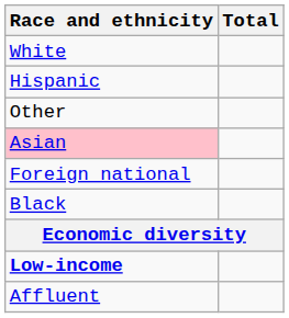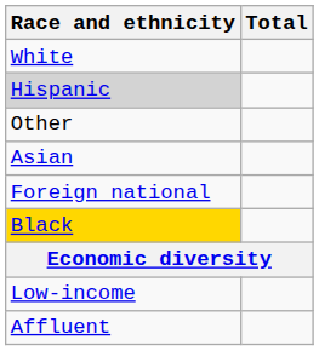 <table class="wikitable floatright sortable collapsible"; text-align:right; font-size:80%;">
 <tr>
 <th>Race and ethnicity</th>
 <th colspan="2" data-sort-type=number>Total</th>
 </tr>
 <tr>
 <td><a href='#'>White</a></td>
 <td align=right></td>
 </tr>
 <tr>
-<td><a href='#'>Hispanic</a></td>
+<td style="background: lightgrey;"><a href='#'>Hispanic</a></td>
 <td align=right></td>
 </tr>
 <tr>
 <td>Other</td>
 <td align=right></td>
 </tr>
 <tr>
-<td style="background: pink;"><a href='#'>Asian</a></td>
+<td><a href='#'>Asian</a></td>
 <td align=right></td>
 </tr>
 <tr>
 <td><a href='#'>Foreign national</a></td>
 <td align=right></td>
 </tr>
 <tr>
-<td><a href='#'>Black</a></td>
+<td style="background: gold;"><a href='#'>Black</a></td>
 <td align=right></td>
 </tr>
 <tr>
 <th colspan="4" data-sort-type=number><a href='#'>Economic diversity</a></th>
 </tr>
 <tr>
-<td><strong><a href='#'>Low-income</a></strong></td>
+<td><a href='#'>Low-income</a></td>
 <td align=right></td>
 </tr>
 <tr>
 <td><a href='#'>Affluent</a></td>
 <td align=right></td>
 </tr>
 </table>
